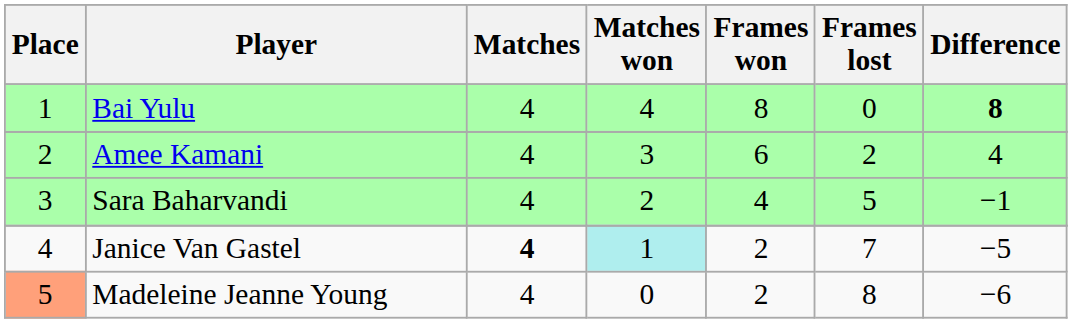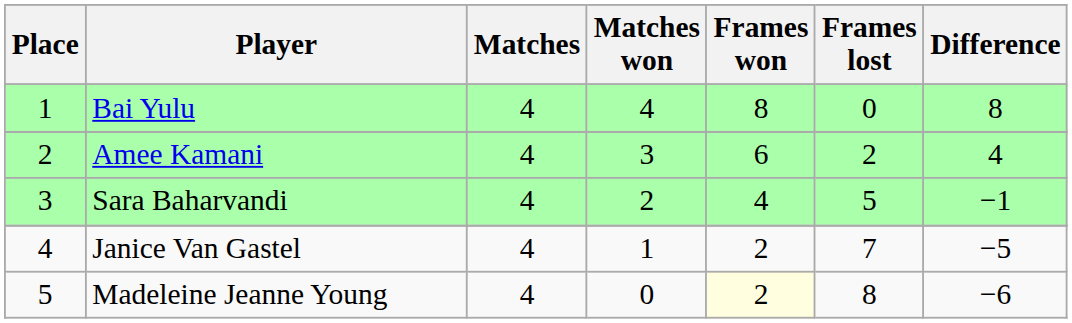 <table class="wikitable" style="text-align: center;">
 <tr>
 <th width=20>Place</th>
 <th width=200>Player</th>
 <th width=20>Matches</th>
 <th width=20>Matches won</th>
 <th width=20>Frames won</th>
 <th width=20>Frames lost</th>
 <th width=20>Difference</th>
 </tr>
 <tr style="background:#aaffaa;">
 <td>1</td>
 <td style="text-align:left;"> <a href='#'>Bai Yulu</a></td>
 <td>4</td>
 <td>4</td>
 <td>8</td>
 <td>0</td>
-<td><strong>8</strong></td>
+<td>8</td>
 </tr>
 <tr>
 </tr>
 <tr style="background:#aaffaa;">
 <td>2</td>
 <td style="text-align:left;"> <a href='#'>Amee Kamani</a></td>
 <td>4</td>
 <td>3</td>
 <td>6</td>
 <td>2</td>
 <td>4</td>
 </tr>
 <tr style="background:#aaffaa;">
 <td>3</td>
 <td style="text-align:left;"> Sara Baharvandi</td>
 <td>4</td>
 <td>2</td>
 <td>4</td>
 <td>5</td>
 <td>−1</td>
 </tr>
 <tr>
 </tr>
 <tr>
 <td>4</td>
 <td style="text-align:left;"> Janice Van Gastel</td>
-<td><strong>4</strong></td>
-<td style="background: paleturquoise;">1</td>
+<td>4</td>
+<td>1</td>
 <td>2</td>
 <td>7</td>
 <td>−5</td>
 </tr>
 <tr>
-<td style="background: lightsalmon;">5</td>
+<td>5</td>
 <td style="text-align:left;"> Madeleine Jeanne Young</td>
 <td>4</td>
 <td>0</td>
-<td>2</td>
+<td style="background: lightyellow;">2</td>
 <td>8</td>
 <td>−6</td>
 </tr>
 </table>
